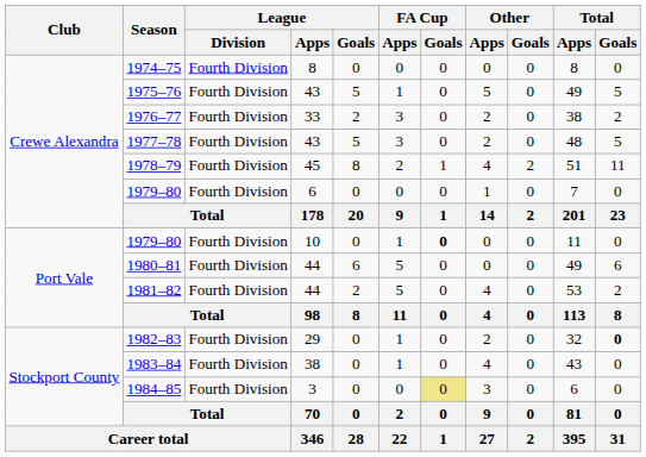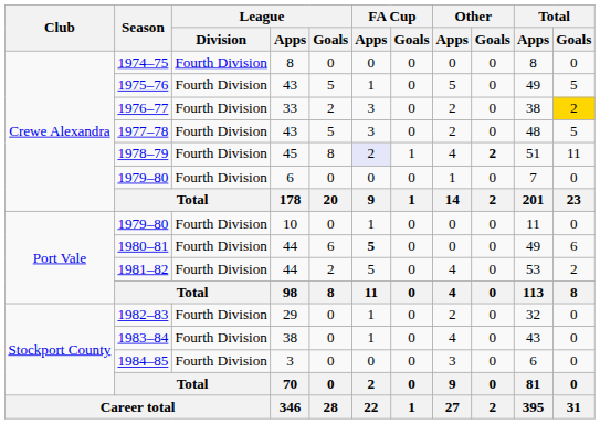 <table class="wikitable" style="text-align: center;">
 <tr>
 <th rowspan="2">Club</th>
 <th rowspan="2">Season</th>
 <th colspan="3">League</th>
 <th colspan="2">FA Cup</th>
 <th colspan="2">Other</th>
 <th colspan="2">Total</th>
 </tr>
 <tr>
 <th>Division</th>
 <th>Apps</th>
 <th>Goals</th>
 <th>Apps</th>
 <th>Goals</th>
 <th>Apps</th>
 <th>Goals</th>
 <th>Apps</th>
 <th>Goals</th>
 </tr>
 <tr>
 <td rowspan="7"><a href='#'>Crewe Alexandra</a></td>
 <td><a href='#'>1974–75</a></td>
 <td><a href='#'>Fourth Division</a></td>
 <td>8</td>
 <td>0</td>
 <td>0</td>
 <td>0</td>
 <td>0</td>
 <td>0</td>
 <td>8</td>
 <td>0</td>
 </tr>
 <tr>
 <td><a href='#'>1975–76</a></td>
 <td>Fourth Division</td>
 <td>43</td>
 <td>5</td>
 <td>1</td>
 <td>0</td>
 <td>5</td>
 <td>0</td>
 <td>49</td>
 <td>5</td>
 </tr>
 <tr>
 <td><a href='#'>1976–77</a></td>
 <td>Fourth Division</td>
 <td>33</td>
 <td>2</td>
 <td>3</td>
 <td>0</td>
 <td>2</td>
 <td>0</td>
 <td>38</td>
-<td>2</td>
+<td style="background: gold;">2</td>
 </tr>
 <tr>
 <td><a href='#'>1977–78</a></td>
 <td>Fourth Division</td>
 <td>43</td>
 <td>5</td>
 <td>3</td>
 <td>0</td>
 <td>2</td>
 <td>0</td>
 <td>48</td>
 <td>5</td>
 </tr>
 <tr>
 <td><a href='#'>1978–79</a></td>
 <td>Fourth Division</td>
 <td>45</td>
 <td>8</td>
-<td>2</td>
+<td style="background: lavender;">2</td>
 <td>1</td>
 <td>4</td>
-<td>2</td>
+<td><strong>2</strong></td>
 <td>51</td>
 <td>11</td>
 </tr>
 <tr>
 <td><a href='#'>1979–80</a></td>
 <td>Fourth Division</td>
 <td>6</td>
 <td>0</td>
 <td>0</td>
 <td>0</td>
 <td>1</td>
 <td>0</td>
 <td>7</td>
 <td>0</td>
 </tr>
 <tr>
 <th colspan="2">Total</th>
 <th>178</th>
 <th>20</th>
 <th>9</th>
 <th>1</th>
 <th>14</th>
 <th>2</th>
 <th>201</th>
 <th>23</th>
 </tr>
 <tr>
 <td rowspan="4"><a href='#'>Port Vale</a></td>
 <td><a href='#'>1979–80</a></td>
 <td>Fourth Division</td>
 <td>10</td>
 <td>0</td>
 <td>1</td>
-<td><strong>0</strong></td>
+<td>0</td>
 <td>0</td>
 <td>0</td>
 <td>11</td>
 <td>0</td>
 </tr>
 <tr>
 <td><a href='#'>1980–81</a></td>
 <td>Fourth Division</td>
 <td>44</td>
 <td>6</td>
-<td>5</td>
+<td><strong>5</strong></td>
 <td>0</td>
 <td>0</td>
 <td>0</td>
 <td>49</td>
 <td>6</td>
 </tr>
 <tr>
 <td><a href='#'>1981–82</a></td>
 <td>Fourth Division</td>
 <td>44</td>
 <td>2</td>
 <td>5</td>
 <td>0</td>
 <td>4</td>
 <td>0</td>
 <td>53</td>
 <td>2</td>
 </tr>
 <tr>
 <th colspan="2">Total</th>
 <th>98</th>
 <th>8</th>
 <th>11</th>
 <th>0</th>
 <th>4</th>
 <th>0</th>
 <th>113</th>
 <th>8</th>
 </tr>
 <tr>
 <td rowspan="4"><a href='#'>Stockport County</a></td>
 <td><a href='#'>1982–83</a></td>
 <td>Fourth Division</td>
 <td>29</td>
 <td>0</td>
 <td>1</td>
 <td>0</td>
 <td>2</td>
 <td>0</td>
 <td>32</td>
-<td><strong>0</strong></td>
+<td>0</td>
 </tr>
 <tr>
 <td><a href='#'>1983–84</a></td>
 <td>Fourth Division</td>
 <td>38</td>
 <td>0</td>
 <td>1</td>
 <td>0</td>
 <td>4</td>
 <td>0</td>
 <td>43</td>
 <td>0</td>
 </tr>
 <tr>
 <td><a href='#'>1984–85</a></td>
 <td>Fourth Division</td>
 <td>3</td>
 <td>0</td>
 <td>0</td>
-<td style="background: khaki;">0</td>
+<td>0</td>
 <td>3</td>
 <td>0</td>
 <td>6</td>
 <td>0</td>
 </tr>
 <tr>
 <th colspan="2">Total</th>
 <th>70</th>
 <th>0</th>
 <th>2</th>
 <th>0</th>
 <th>9</th>
 <th>0</th>
 <th>81</th>
 <th>0</th>
 </tr>
 <tr>
 <th colspan="3">Career total</th>
 <th>346</th>
 <th>28</th>
 <th>22</th>
 <th>1</th>
 <th>27</th>
 <th>2</th>
 <th>395</th>
 <th>31</th>
 </tr>
 </table>
